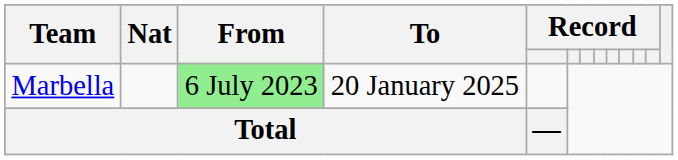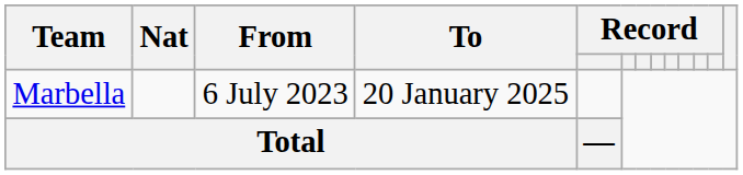 <table class="wikitable" style="text-align: center">
 <tr>
 <th rowspan="2">Team</th>
 <th rowspan="2">Nat</th>
 <th rowspan="2">From</th>
 <th rowspan="2">To</th>
 <th colspan="8">Record</th>
 <th rowspan=2></th>
 </tr>
 <tr>
 <th></th>
 <th></th>
 <th></th>
 <th></th>
 <th></th>
 <th></th>
 <th></th>
 <th></th>
 </tr>
 <tr>
 <td align="left"><a href='#'>Marbella</a></td>
 <td></td>
-<td align=left style="background: lightgreen;">6 July 2023</td>
+<td align=left>6 July 2023</td>
 <td align=left>20 January 2025<br></td>
 <td></td>
 </tr>
 <tr>
 <th colspan=4>Total<br></th>
 <th>—</th>
 </tr>
 </table>
